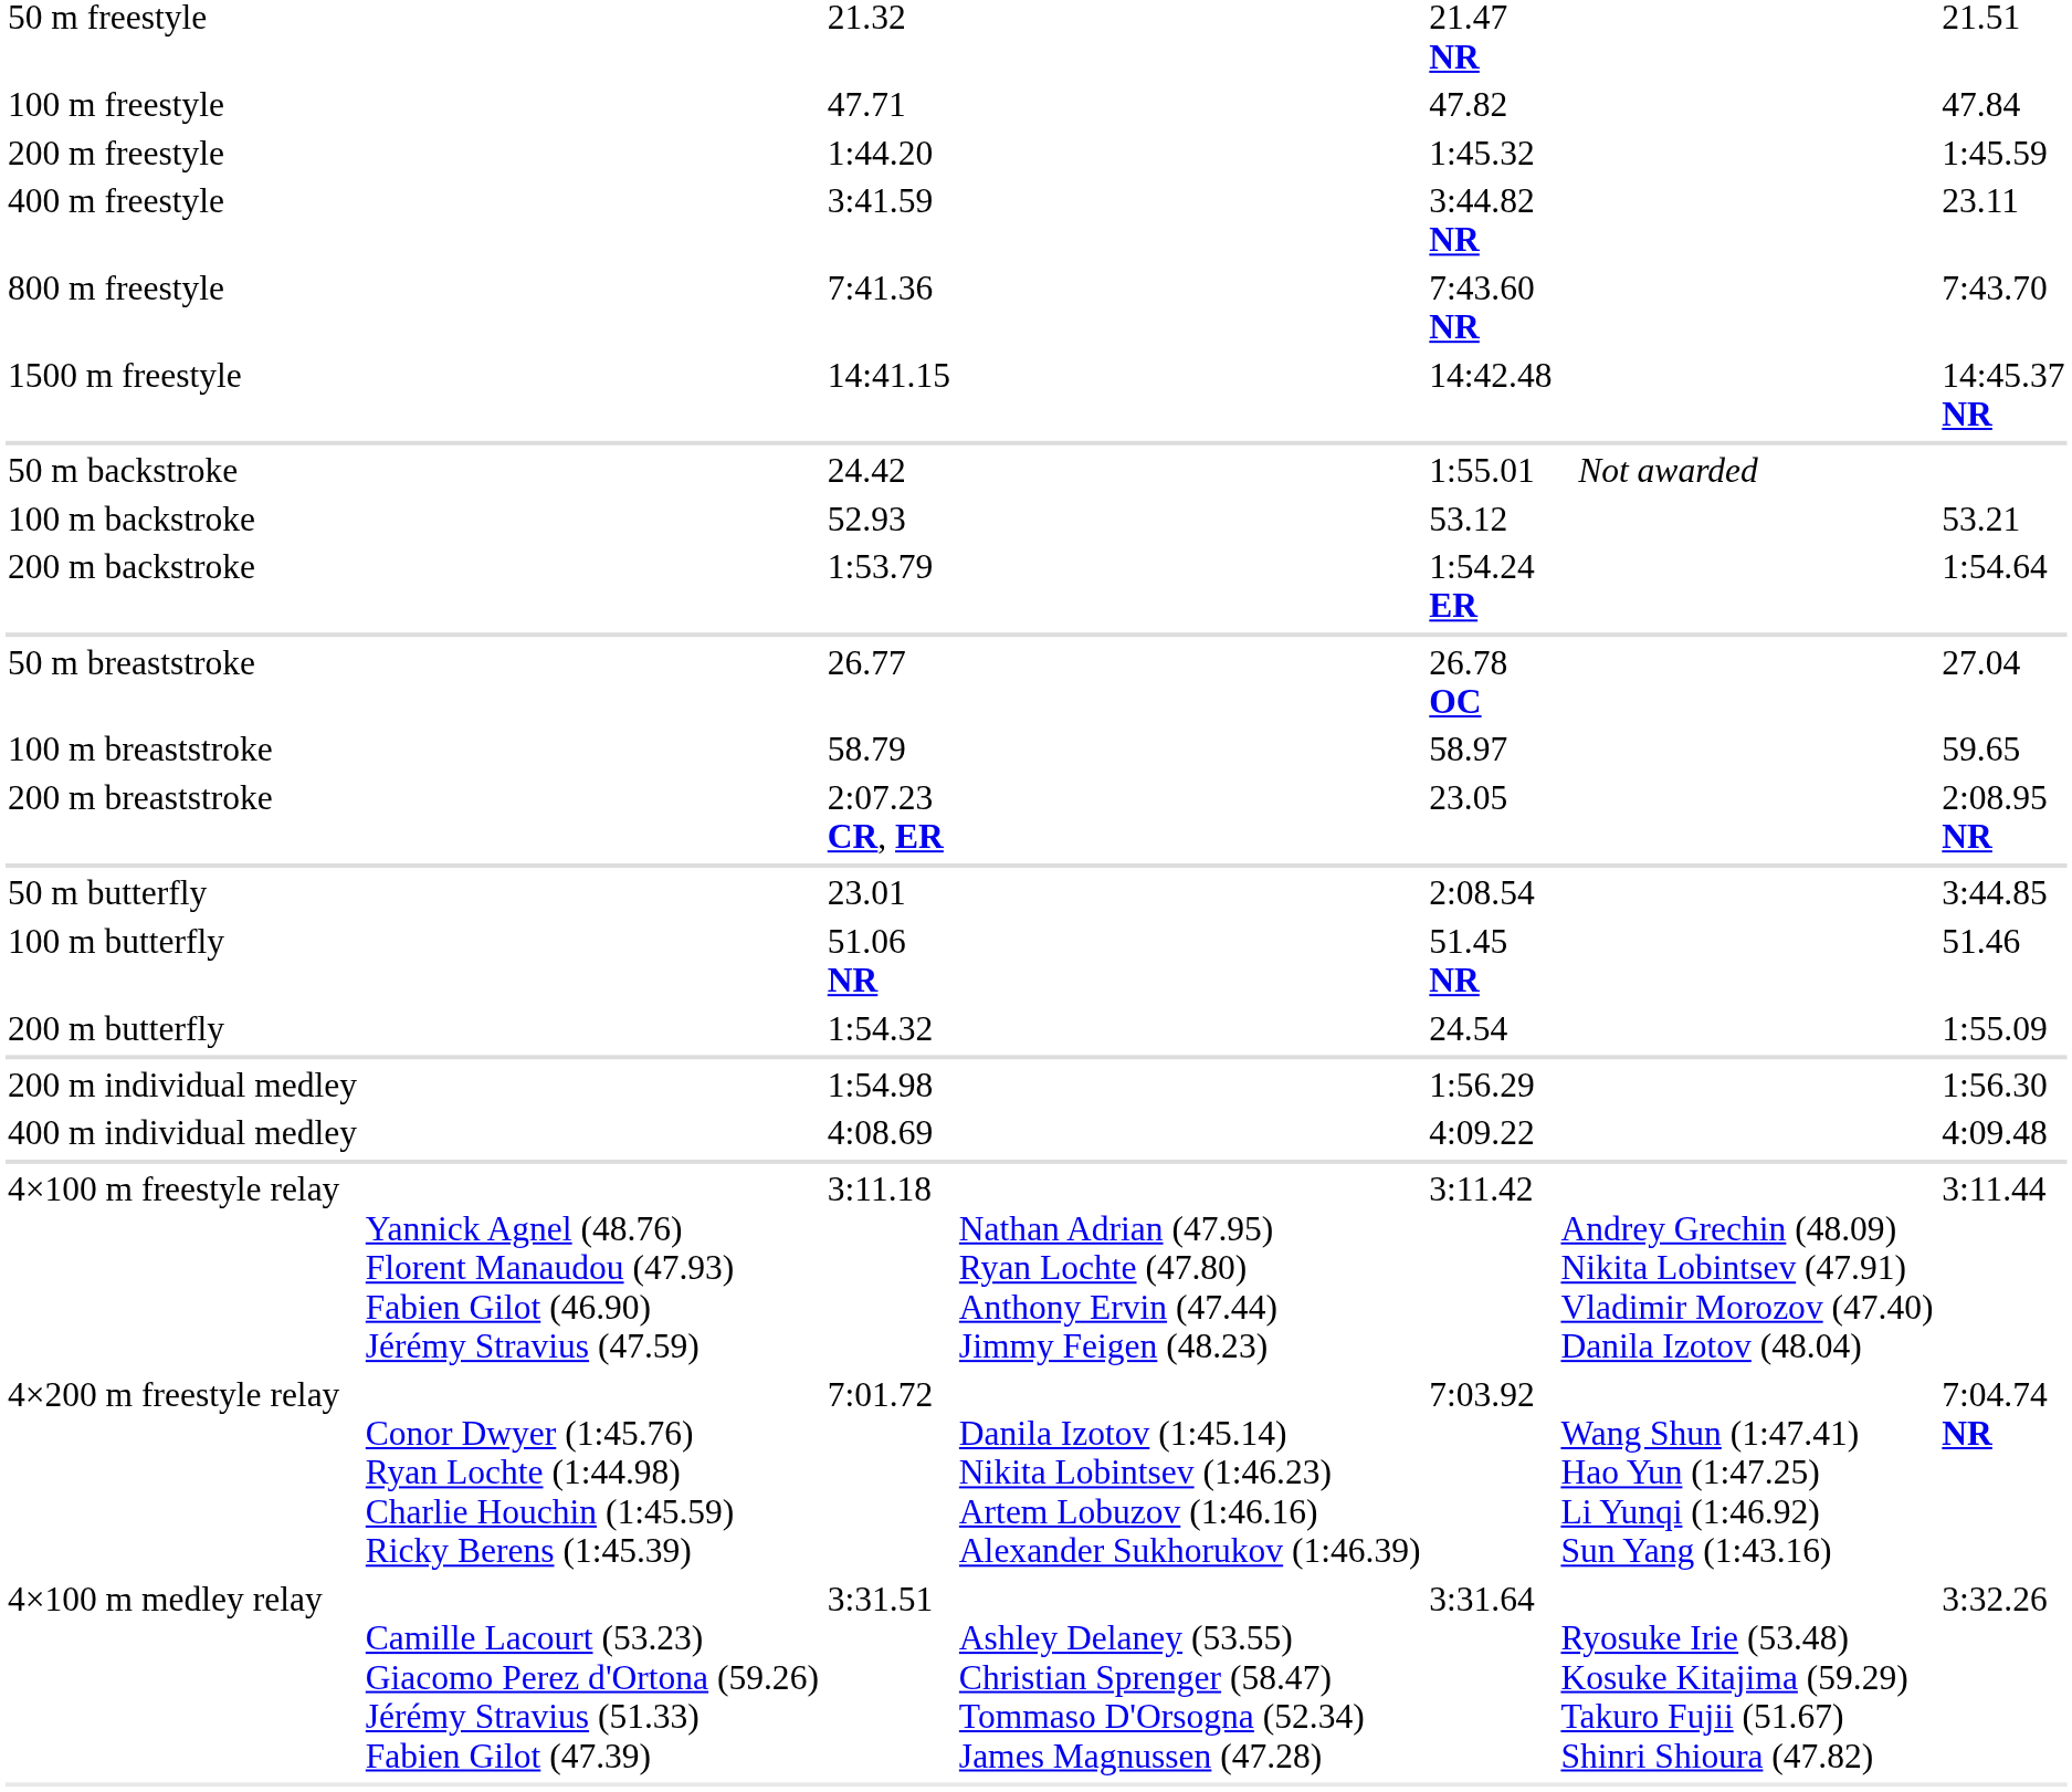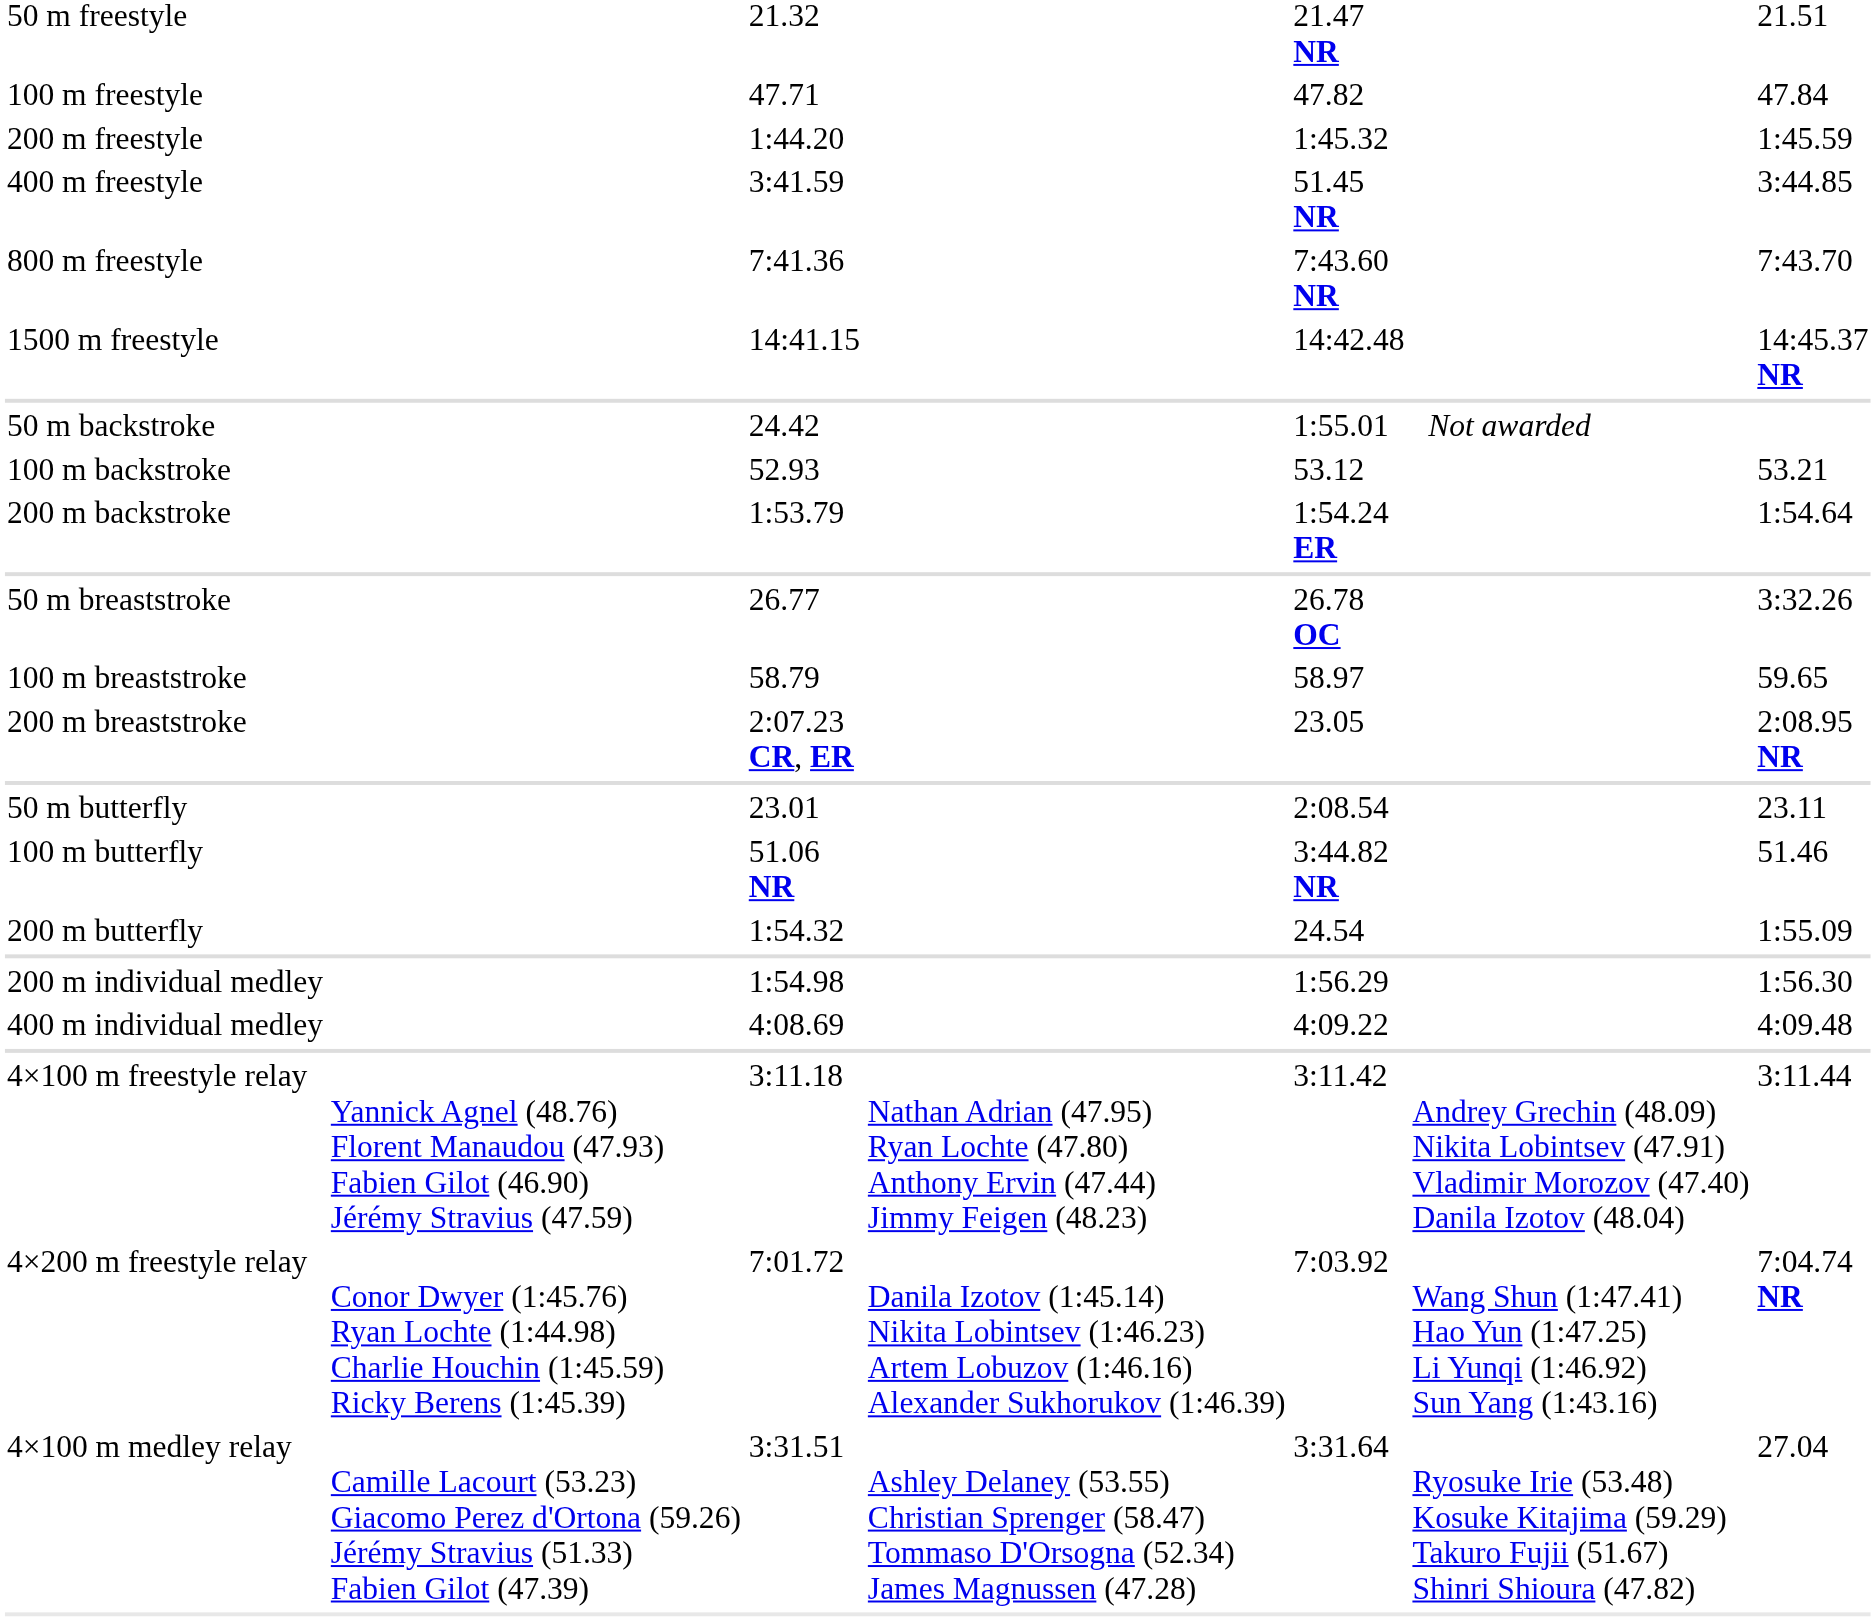 <table>
 <tr valign="top">
 <td>50 m freestyle<br><div></div></td>
 <td></td>
 <td>21.32</td>
 <td></td>
 <td>21.47<br><strong><a href='#'>NR</a></strong></td>
 <td></td>
 <td>21.51</td>
 </tr>
 <tr valign="top">
 <td>100 m freestyle<br><div></div></td>
 <td></td>
 <td>47.71</td>
 <td></td>
 <td>47.82</td>
 <td></td>
 <td>47.84</td>
 </tr>
 <tr valign="top">
 <td>200 m freestyle<br><div></div></td>
 <td></td>
 <td>1:44.20</td>
 <td></td>
 <td>1:45.32</td>
 <td></td>
 <td>1:45.59</td>
 </tr>
 <tr valign="top">
 <td>400 m freestyle<br><div></div></td>
 <td></td>
 <td>3:41.59</td>
 <td></td>
-<td>3:44.82<br><strong><a href='#'>NR</a></strong></td>
+<td>51.45<br><strong><a href='#'>NR</a></strong></td>
 <td></td>
-<td>23.11</td>
+<td>3:44.85</td>
 </tr>
 <tr valign="top">
 <td>800 m freestyle<br><div></div></td>
 <td></td>
 <td>7:41.36</td>
 <td></td>
 <td>7:43.60<br><strong><a href='#'>NR</a></strong></td>
 <td></td>
 <td>7:43.70</td>
 </tr>
 <tr valign="top">
 <td>1500 m freestyle<div></div></td>
 <td></td>
 <td>14:41.15</td>
 <td></td>
 <td>14:42.48</td>
 <td></td>
 <td>14:45.37<br><strong><a href='#'>NR</a></strong></td>
 </tr>
 <tr style="background:#ddd;">
 <td colspan=7></td>
 </tr>
 <tr valign="top">
 <td>50 m backstroke<div></div></td>
 <td></td>
 <td>24.42</td>
 <td><br></td>
 <td>1:55.01</td>
 <td colspan=3>  <em>Not awarded</em></td>
 </tr>
 <tr valign="top">
 <td>100 m backstroke<br><div></div></td>
 <td></td>
 <td>52.93</td>
 <td></td>
 <td>53.12</td>
 <td></td>
 <td>53.21</td>
 </tr>
 <tr valign="top">
 <td>200 m backstroke<br><div></div></td>
 <td></td>
 <td>1:53.79</td>
 <td></td>
 <td>1:54.24<br><strong><a href='#'>ER</a></strong></td>
 <td></td>
 <td>1:54.64</td>
 </tr>
 <tr style="background:#ddd;">
 <td colspan=7></td>
 </tr>
 <tr valign="top">
 <td>50 m breaststroke<br><div></div></td>
 <td></td>
 <td>26.77</td>
 <td></td>
 <td>26.78<br><strong><a href='#'>OC</a></strong></td>
 <td></td>
-<td>27.04</td>
+<td>3:32.26</td>
 </tr>
 <tr valign="top">
 <td>100 m breaststroke<br><div></div></td>
 <td></td>
 <td>58.79</td>
 <td></td>
 <td>58.97</td>
 <td></td>
 <td>59.65</td>
 </tr>
 <tr valign="top">
 <td>200 m breaststroke<br><div></div></td>
 <td></td>
 <td>2:07.23<br><strong><a href='#'>CR</a></strong>, <strong><a href='#'>ER</a></strong></td>
 <td></td>
 <td>23.05</td>
 <td></td>
 <td>2:08.95<br><strong><a href='#'>NR</a></strong></td>
 </tr>
 <tr style="background:#ddd;">
 <td colspan=7></td>
 </tr>
 <tr valign="top">
 <td>50 m butterfly<br><div></div></td>
 <td></td>
 <td>23.01</td>
 <td></td>
 <td>2:08.54</td>
 <td></td>
-<td>3:44.85</td>
+<td>23.11</td>
 </tr>
 <tr valign="top">
 <td>100 m butterfly<br><div></div></td>
 <td></td>
 <td>51.06<br><strong><a href='#'>NR</a></strong></td>
 <td></td>
-<td>51.45<br><strong><a href='#'>NR</a></strong></td>
+<td>3:44.82<br><strong><a href='#'>NR</a></strong></td>
 <td></td>
 <td>51.46</td>
 </tr>
 <tr valign="top">
 <td>200 m butterfly<br><div></div></td>
 <td></td>
 <td>1:54.32</td>
 <td></td>
 <td>24.54</td>
 <td></td>
 <td>1:55.09</td>
 </tr>
 <tr style="background:#ddd;">
 <td colspan=7></td>
 </tr>
 <tr valign="top">
 <td>200 m individual medley<br><div></div></td>
 <td></td>
 <td>1:54.98</td>
 <td></td>
 <td>1:56.29</td>
 <td></td>
 <td>1:56.30</td>
 </tr>
 <tr valign="top">
 <td>400 m individual medley<div></div></td>
 <td></td>
 <td>4:08.69</td>
 <td></td>
 <td>4:09.22</td>
 <td></td>
 <td>4:09.48</td>
 </tr>
 <tr style="background:#ddd;">
 <td colspan=7></td>
 </tr>
 <tr valign="top">
 <td>4×100 m freestyle relay<br><div></div></td>
 <td><br><a href='#'>Yannick Agnel</a> (48.76)<br><a href='#'>Florent Manaudou</a> (47.93)<br><a href='#'>Fabien Gilot</a> (46.90)<br><a href='#'>Jérémy Stravius</a> (47.59)</td>
 <td>3:11.18</td>
 <td><br><a href='#'>Nathan Adrian</a> (47.95)<br><a href='#'>Ryan Lochte</a> (47.80)<br><a href='#'>Anthony Ervin</a> (47.44)<br><a href='#'>Jimmy Feigen</a> (48.23)</td>
 <td>3:11.42</td>
 <td><br><a href='#'>Andrey Grechin</a> (48.09)<br><a href='#'>Nikita Lobintsev</a> (47.91)<br><a href='#'>Vladimir Morozov</a> (47.40)<br><a href='#'>Danila Izotov</a> (48.04)</td>
 <td>3:11.44</td>
 </tr>
 <tr valign="top">
 <td>4×200 m freestyle relay<br><div></div></td>
 <td><br><a href='#'>Conor Dwyer</a> (1:45.76)<br><a href='#'>Ryan Lochte</a> (1:44.98)<br><a href='#'>Charlie Houchin</a> (1:45.59)<br><a href='#'>Ricky Berens</a> (1:45.39)</td>
 <td>7:01.72</td>
 <td><br><a href='#'>Danila Izotov</a> (1:45.14)<br><a href='#'>Nikita Lobintsev</a> (1:46.23)<br><a href='#'>Artem Lobuzov</a> (1:46.16)<br><a href='#'>Alexander Sukhorukov</a> (1:46.39)</td>
 <td>7:03.92</td>
 <td><br><a href='#'>Wang Shun</a> (1:47.41)<br><a href='#'>Hao Yun</a> (1:47.25)<br><a href='#'>Li Yunqi</a> (1:46.92)<br><a href='#'>Sun Yang</a> (1:43.16)</td>
 <td>7:04.74<br><strong><a href='#'>NR</a></strong></td>
 </tr>
 <tr valign="top">
 <td>4×100 m medley relay<div></div></td>
 <td><br><a href='#'>Camille Lacourt</a> (53.23)<br><a href='#'>Giacomo Perez d'Ortona</a> (59.26) <br><a href='#'>Jérémy Stravius</a> (51.33)<br><a href='#'>Fabien Gilot</a> (47.39)</td>
 <td>3:31.51</td>
 <td><br><a href='#'>Ashley Delaney</a> (53.55) <br><a href='#'>Christian Sprenger</a> (58.47)<br><a href='#'>Tommaso D'Orsogna</a> (52.34)<br><a href='#'>James Magnussen</a> (47.28)</td>
 <td>3:31.64</td>
 <td><br><a href='#'>Ryosuke Irie</a> (53.48) <br><a href='#'>Kosuke Kitajima</a> (59.29)<br><a href='#'>Takuro Fujii</a> (51.67)<br><a href='#'>Shinri Shioura</a> (47.82)</td>
-<td>3:32.26</td>
+<td>27.04</td>
 </tr>
 <tr style="background:#e8e8e8;">
 <td colspan=7></td>
 </tr>
 </table>
